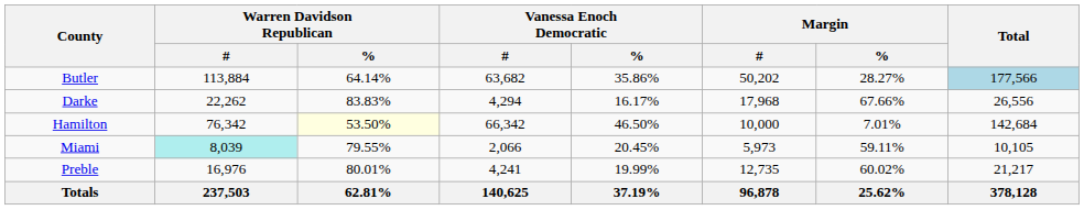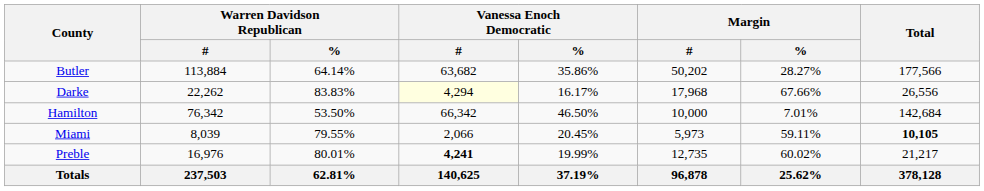 <table width="60%" class="wikitable sortable">
 <tr>
 <th rowspan="2">County</th>
 <th colspan="2">Warren Davidson<br>Republican</th>
 <th colspan="2">Vanessa Enoch<br>Democratic</th>
 <th colspan="2">Margin</th>
 <th rowspan="2">Total</th>
 </tr>
 <tr>
 <th style="text-align:center;" data-sort-type="number">#</th>
 <th style="text-align:center;" data-sort-type="number">%</th>
 <th style="text-align:center;" data-sort-type="number">#</th>
 <th style="text-align:center;" data-sort-type="number">%</th>
 <th style="text-align:center;" data-sort-type="number">#</th>
 <th style="text-align:center;" data-sort-type="number">%</th>
 </tr>
 <tr style="text-align:center;">
 <td><a href='#'>Butler</a></td>
 <td>113,884</td>
 <td>64.14%</td>
 <td>63,682</td>
 <td>35.86%</td>
 <td>50,202</td>
 <td>28.27%</td>
-<td style="background: lightblue;">177,566</td>
+<td>177,566</td>
 </tr>
 <tr style="text-align:center;">
 <td><a href='#'>Darke</a></td>
 <td>22,262</td>
 <td>83.83%</td>
-<td>4,294</td>
+<td style="background: lightyellow;">4,294</td>
 <td>16.17%</td>
 <td>17,968</td>
 <td>67.66%</td>
 <td>26,556</td>
 </tr>
 <tr style="text-align:center;">
 <td><a href='#'>Hamilton</a></td>
 <td>76,342</td>
-<td style="background: lightyellow;">53.50%</td>
+<td>53.50%</td>
 <td>66,342</td>
 <td>46.50%</td>
 <td>10,000</td>
 <td>7.01%</td>
 <td>142,684</td>
 </tr>
 <tr style="text-align:center;">
 <td><a href='#'>Miami</a></td>
-<td style="background: paleturquoise;">8,039</td>
+<td>8,039</td>
 <td>79.55%</td>
 <td>2,066</td>
 <td>20.45%</td>
 <td>5,973</td>
 <td>59.11%</td>
-<td>10,105</td>
+<td><strong>10,105</strong></td>
 </tr>
 <tr style="text-align:center;">
 <td><a href='#'>Preble</a></td>
 <td>16,976</td>
 <td>80.01%</td>
-<td>4,241</td>
+<td><strong>4,241</strong></td>
 <td>19.99%</td>
 <td>12,735</td>
 <td>60.02%</td>
 <td>21,217</td>
 </tr>
 <tr style="text-align:center;">
 <th>Totals</th>
 <th>237,503</th>
 <th>62.81%</th>
 <th>140,625</th>
 <th>37.19%</th>
 <th>96,878</th>
 <th>25.62%</th>
 <th>378,128</th>
 </tr>
 </table>
